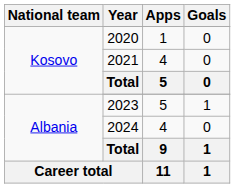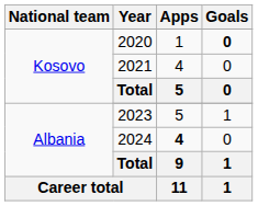 <table class="wikitable" style="text-align:center">
 <tr>
 <th>National team</th>
 <th>Year</th>
 <th>Apps</th>
 <th>Goals</th>
 </tr>
 <tr>
 <td rowspan="4"><a href='#'>Kosovo</a></td>
 </tr>
 <tr>
 <td>2020</td>
 <td>1</td>
-<td>0</td>
+<td><strong>0</strong></td>
 </tr>
 <tr>
 <td>2021</td>
 <td>4</td>
 <td>0</td>
 </tr>
 <tr>
 <th>Total</th>
 <th>5</th>
 <th>0</th>
 </tr>
 <tr>
 <td rowspan="4"><a href='#'>Albania</a></td>
 </tr>
 <tr>
 <td>2023</td>
 <td>5</td>
 <td>1</td>
 </tr>
 <tr>
 <td>2024</td>
-<td>4</td>
+<td><strong>4</strong></td>
 <td>0</td>
 </tr>
 <tr>
 <th>Total</th>
 <th>9</th>
 <th>1</th>
 </tr>
 <tr>
 <th colspan="2">Career total</th>
 <th>11</th>
 <th>1</th>
 </tr>
 </table>
